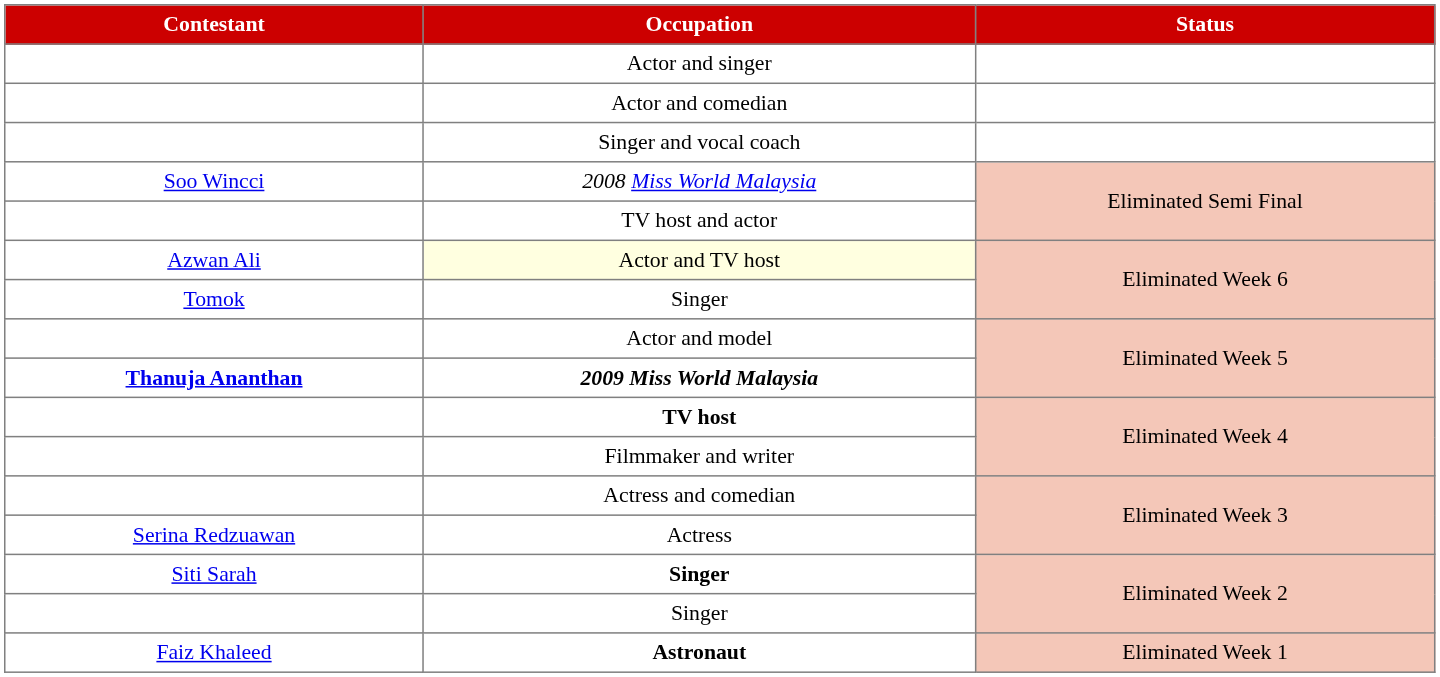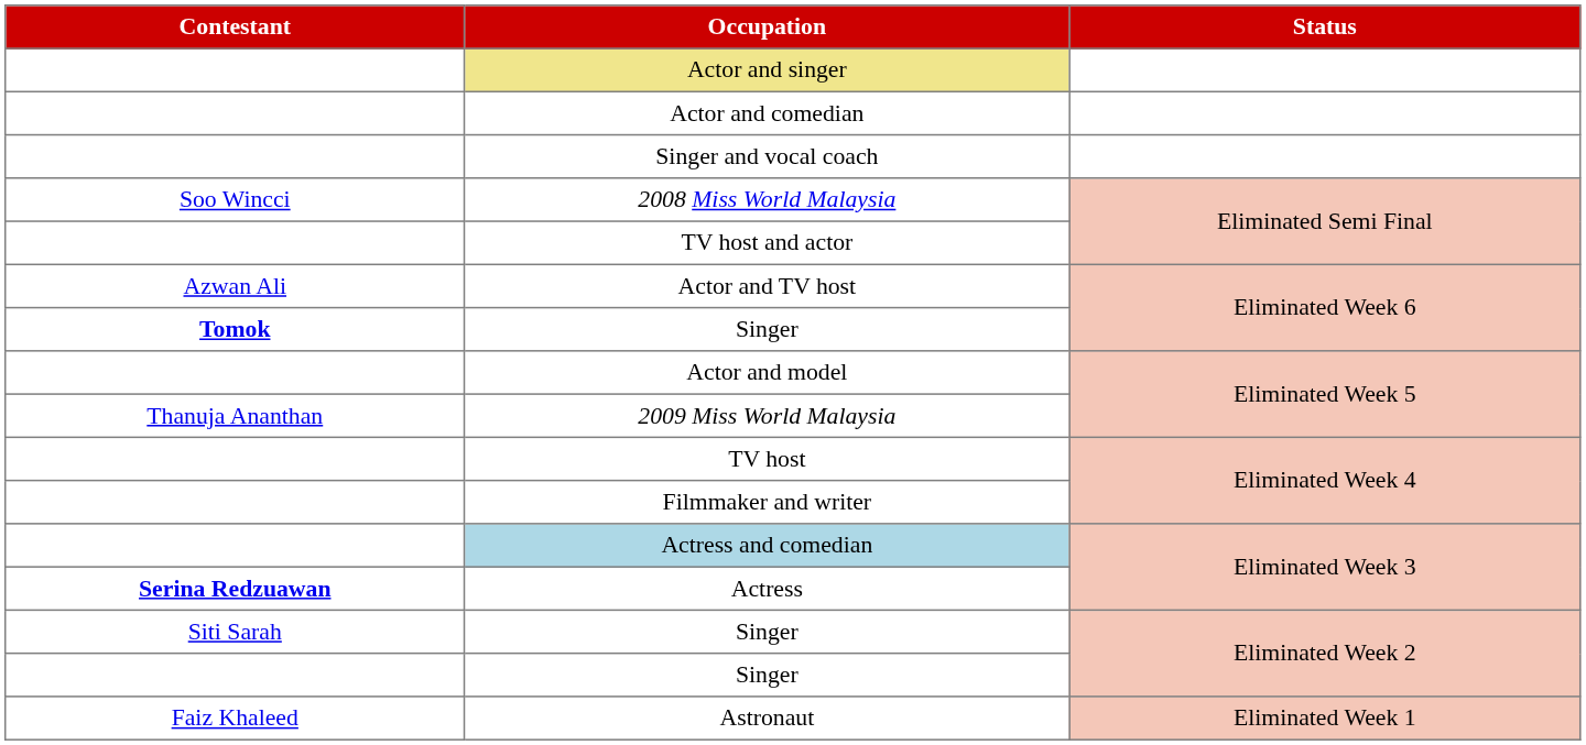 <table class="sortable" border="1" cellpadding="4" cellspacing="0" style="text-align:center; font-size:90%; border-collapse:collapse; width:75%;">
 <tr style="background:#CC0000; color:#FFFFFF;">
 <th>Contestant</th>
 <th>Occupation</th>
 <th>Status</th>
 </tr>
 <tr>
 <td><strong></strong></td>
-<td>Actor and singer</td>
+<td style="background: khaki;">Actor and singer</td>
 <td></td>
 </tr>
 <tr>
 <td></td>
 <td>Actor and comedian</td>
 <td></td>
 </tr>
 <tr>
 <td></td>
 <td>Singer and vocal coach</td>
 <td></td>
 </tr>
 <tr>
 <td><a href='#'>Soo Wincci</a></td>
 <td><em>2008 <a href='#'>Miss World Malaysia</a></em></td>
 <td bgcolor="F4C7B8" align=center rowspan="2">Eliminated Semi Final</td>
 </tr>
 <tr>
 <td></td>
 <td>TV host and actor</td>
 </tr>
 <tr>
 <td><a href='#'>Azwan Ali</a></td>
-<td style="background: lightyellow;">Actor and TV host</td>
+<td>Actor and TV host</td>
 <td bgcolor="F4C7B8" align=center rowspan="2">Eliminated Week 6</td>
 </tr>
 <tr>
-<td><a href='#'>Tomok</a></td>
+<td><strong><a href='#'>Tomok</a></strong></td>
 <td>Singer</td>
 </tr>
 <tr>
 <td></td>
 <td>Actor and model</td>
 <td bgcolor="F4C7B8" align=center rowspan="2">Eliminated Week 5</td>
 </tr>
 <tr>
-<td><strong><a href='#'>Thanuja Ananthan</a></strong></td>
-<td><strong><em>2009 Miss World Malaysia</em></strong></td>
+<td><a href='#'>Thanuja Ananthan</a></td>
+<td><em>2009 Miss World Malaysia</em></td>
 </tr>
 <tr>
 <td></td>
-<td><strong>TV host</strong></td>
+<td>TV host</td>
 <td bgcolor="F4C7B8" align=center rowspan="2">Eliminated Week 4</td>
 </tr>
 <tr>
 <td></td>
 <td>Filmmaker and writer</td>
 </tr>
 <tr>
 <td></td>
-<td>Actress and comedian</td>
+<td style="background: lightblue;">Actress and comedian</td>
 <td bgcolor="F4C7B8" align=center rowspan="2">Eliminated Week 3</td>
 </tr>
 <tr>
-<td><a href='#'>Serina Redzuawan</a></td>
+<td><strong><a href='#'>Serina Redzuawan</a></strong></td>
 <td>Actress</td>
 </tr>
 <tr>
 <td><a href='#'>Siti Sarah</a></td>
-<td><strong>Singer</strong></td>
+<td>Singer</td>
 <td bgcolor="F4C7B8" align=center rowspan="2">Eliminated Week 2</td>
 </tr>
 <tr>
 <td></td>
 <td>Singer</td>
 </tr>
 <tr>
 <td><a href='#'>Faiz Khaleed</a></td>
-<td><strong>Astronaut</strong></td>
+<td>Astronaut</td>
 <td bgcolor="F4C7B8" align=center rowspan="2">Eliminated Week 1</td>
 </tr>
 </table>
